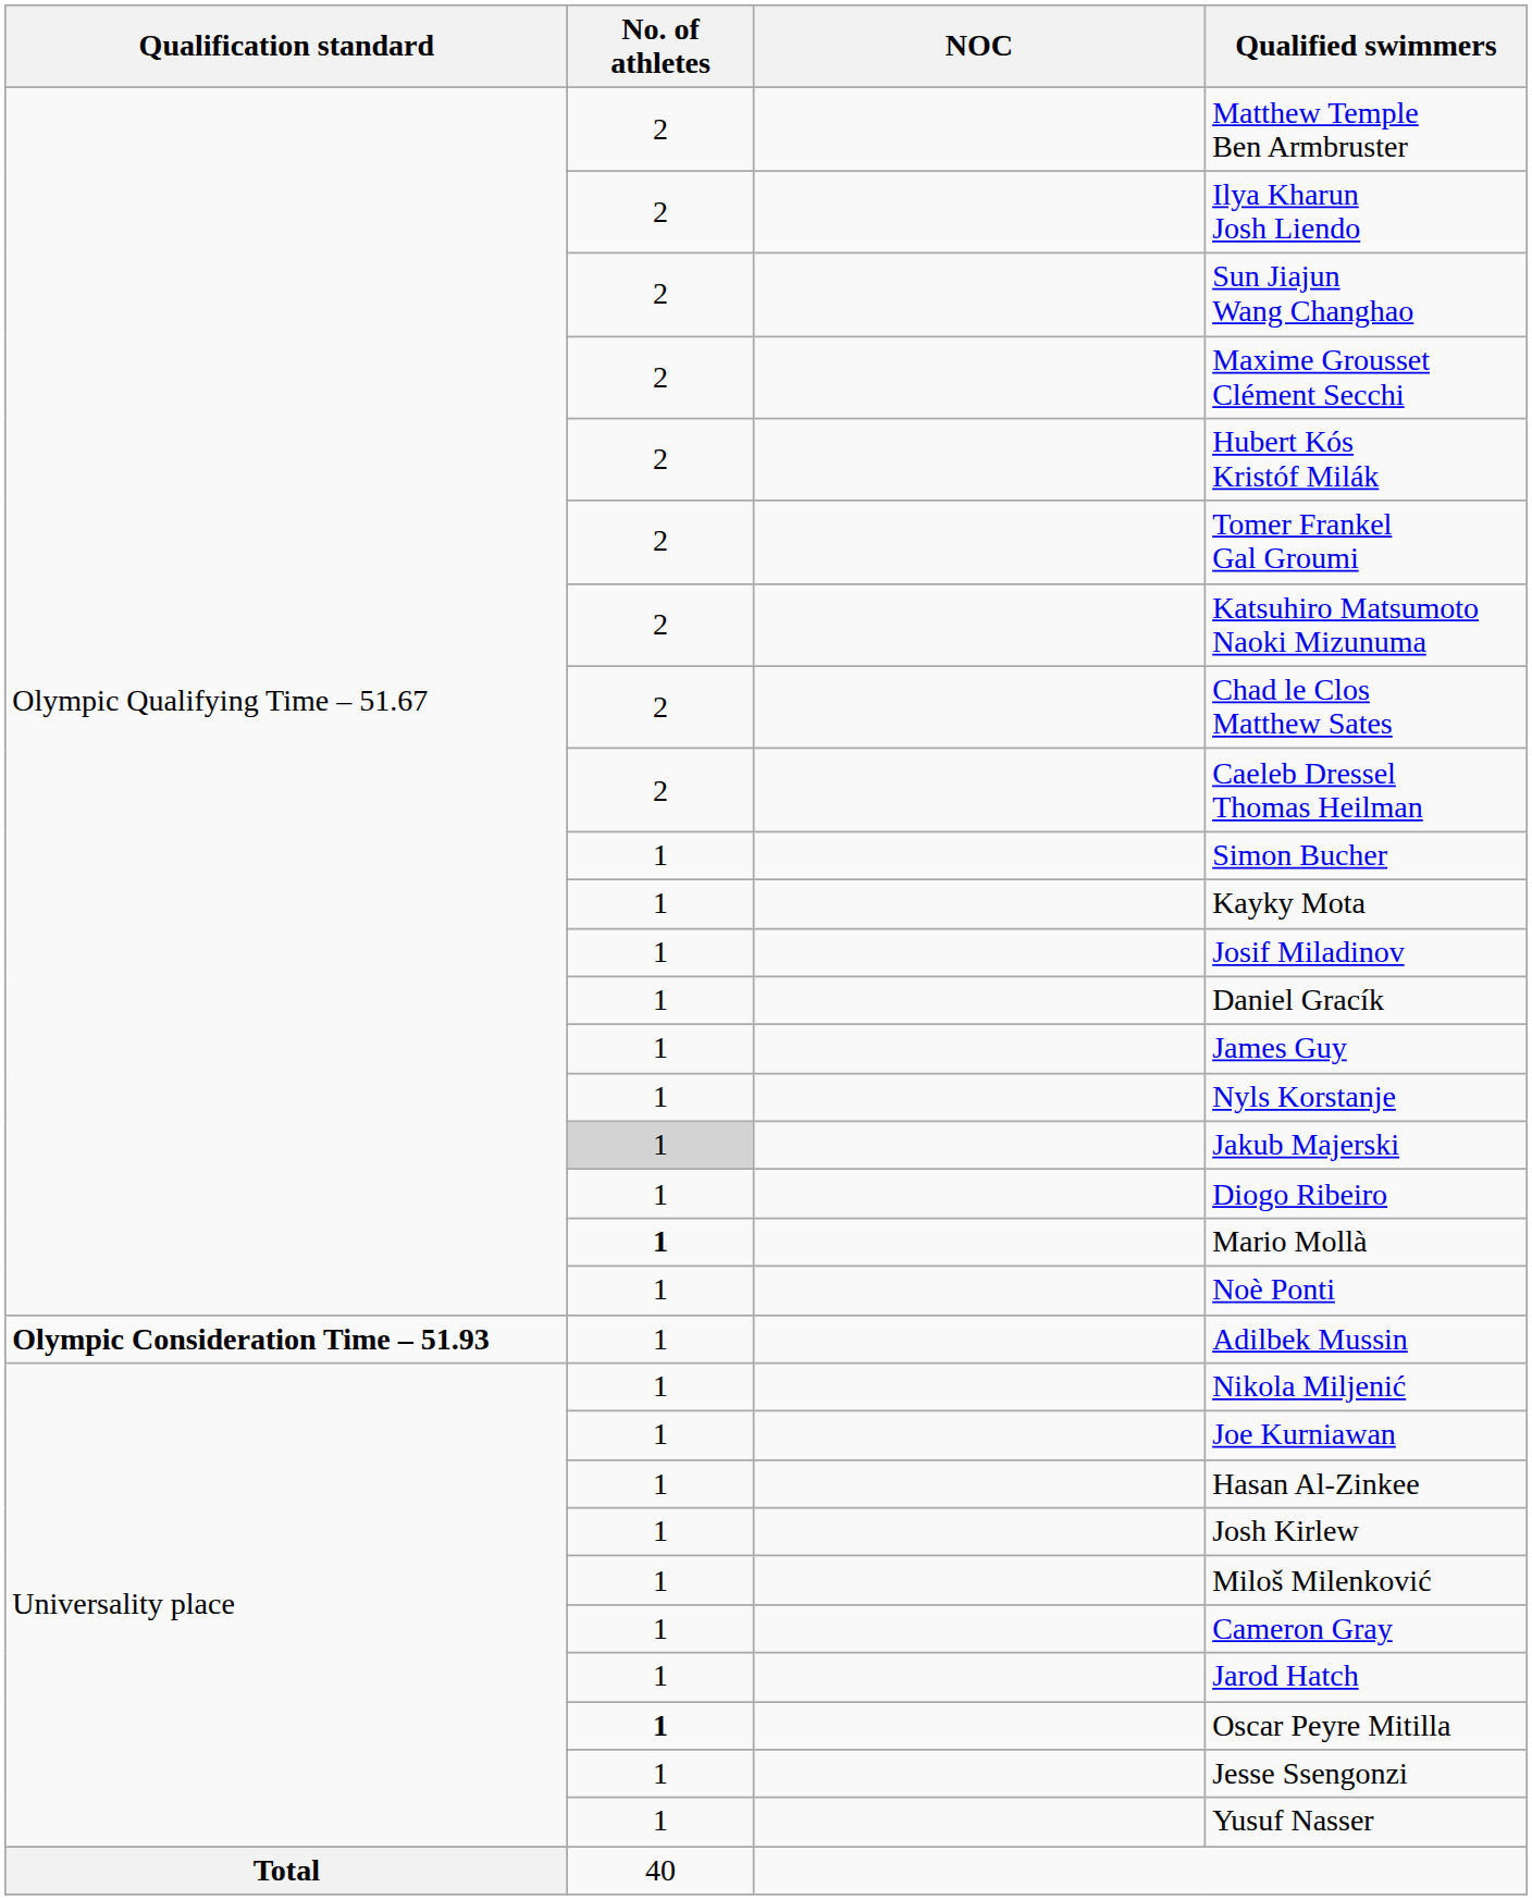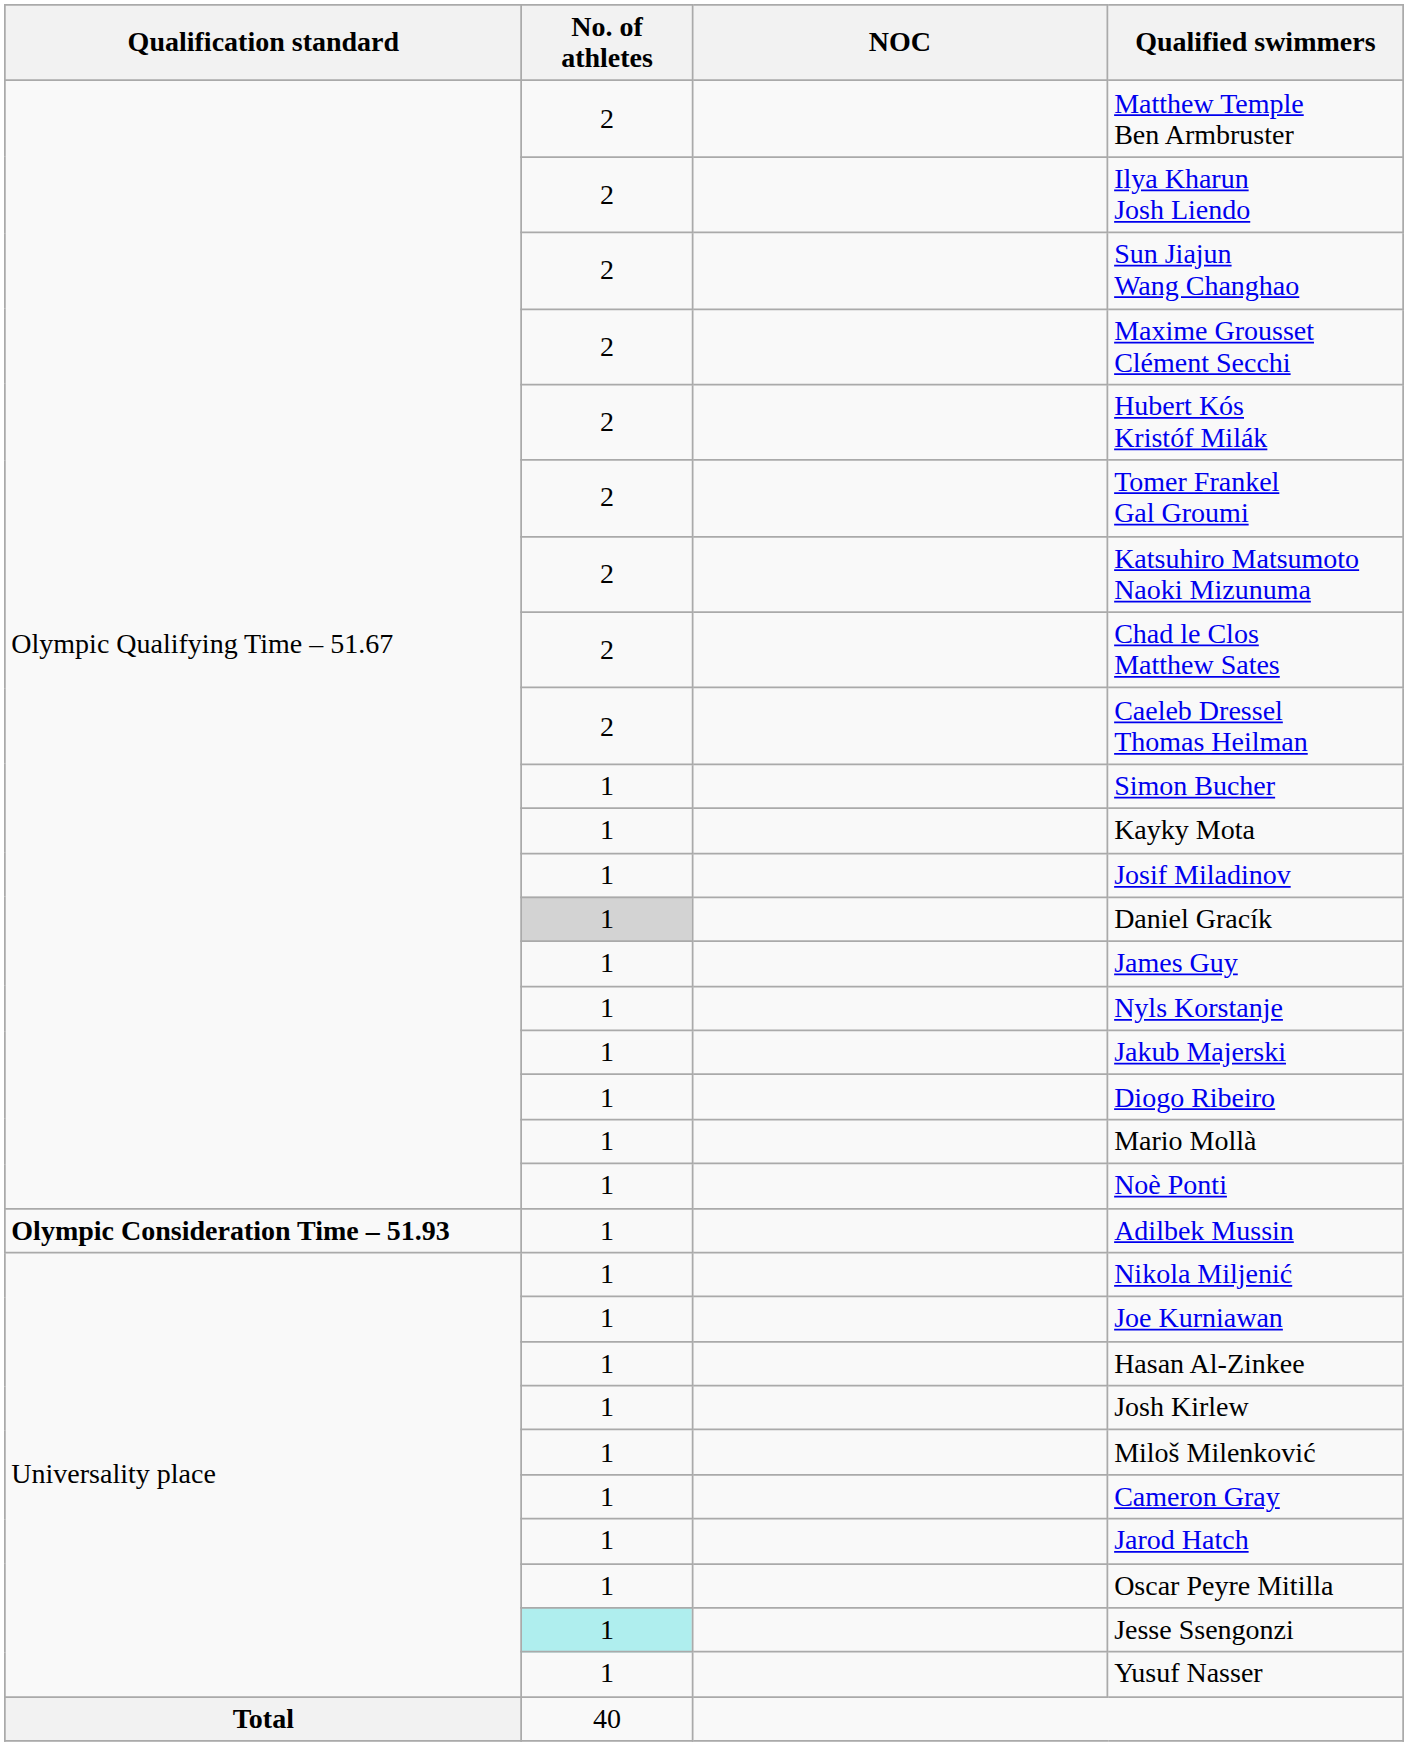 <table class=wikitable style="text-align:left" width=800>
 <tr>
 <th scope="col">Qualification standard</th>
 <th scope="col" width =90>No. of athletes</th>
 <th scope="col" width =230>NOC</th>
 <th scope="col">Qualified swimmers</th>
 </tr>
 <tr>
 <td rowspan=19>Olympic Qualifying Time – 51.67</td>
 <td align=center>2</td>
 <td></td>
 <td><a href='#'>Matthew Temple</a><br>Ben Armbruster</td>
 </tr>
 <tr>
 <td align=center>2</td>
 <td></td>
 <td><a href='#'>Ilya Kharun</a><br><a href='#'>Josh Liendo</a></td>
 </tr>
 <tr>
 <td align=center>2</td>
 <td></td>
 <td><a href='#'>Sun Jiajun</a><br><a href='#'>Wang Changhao</a></td>
 </tr>
 <tr>
 <td align=center>2</td>
 <td></td>
 <td><a href='#'>Maxime Grousset</a><br><a href='#'>Clément Secchi</a></td>
 </tr>
 <tr>
 <td align=center>2</td>
 <td></td>
 <td><a href='#'>Hubert Kós</a><br><a href='#'>Kristóf Milák</a></td>
 </tr>
 <tr>
 <td align=center>2</td>
 <td></td>
 <td><a href='#'>Tomer Frankel</a><br><a href='#'>Gal Groumi</a></td>
 </tr>
 <tr>
 <td align=center>2</td>
 <td></td>
 <td><a href='#'>Katsuhiro Matsumoto</a><br><a href='#'>Naoki Mizunuma</a></td>
 </tr>
 <tr>
 <td align=center>2</td>
 <td></td>
 <td><a href='#'>Chad le Clos</a><br><a href='#'>Matthew Sates</a></td>
 </tr>
 <tr>
 <td align=center>2</td>
 <td></td>
 <td><a href='#'>Caeleb Dressel</a><br><a href='#'>Thomas Heilman</a></td>
 </tr>
 <tr>
 <td align=center>1</td>
 <td></td>
 <td><a href='#'>Simon Bucher</a></td>
 </tr>
 <tr>
 <td align=center>1</td>
 <td></td>
 <td>Kayky Mota</td>
 </tr>
 <tr>
 <td align=center>1</td>
 <td></td>
 <td><a href='#'>Josif Miladinov</a></td>
 </tr>
 <tr>
-<td align=center>1</td>
+<td align=center style="background: lightgrey;">1</td>
 <td></td>
 <td>Daniel Gracík</td>
 </tr>
 <tr>
 <td align=center>1</td>
 <td></td>
 <td><a href='#'>James Guy</a></td>
 </tr>
 <tr>
 <td align=center>1</td>
 <td></td>
 <td><a href='#'>Nyls Korstanje</a></td>
 </tr>
 <tr>
-<td align=center style="background: lightgrey;">1</td>
+<td align=center>1</td>
 <td></td>
 <td><a href='#'>Jakub Majerski</a></td>
 </tr>
 <tr>
 <td align=center>1</td>
 <td></td>
 <td><a href='#'>Diogo Ribeiro</a></td>
 </tr>
 <tr>
-<td align=center><strong>1</strong></td>
+<td align=center>1</td>
 <td></td>
 <td>Mario Mollà</td>
 </tr>
 <tr>
 <td align=center>1</td>
 <td></td>
 <td><a href='#'>Noè Ponti</a></td>
 </tr>
 <tr>
 <td><strong>Olympic Consideration Time – 51.93</strong></td>
 <td align=center>1</td>
 <td></td>
 <td><a href='#'>Adilbek Mussin</a></td>
 </tr>
 <tr>
 <td rowspan=10>Universality place</td>
 <td align=center>1</td>
 <td></td>
 <td><a href='#'>Nikola Miljenić</a></td>
 </tr>
 <tr>
 <td align=center>1</td>
 <td></td>
 <td><a href='#'>Joe Kurniawan</a></td>
 </tr>
 <tr>
 <td align=center>1</td>
 <td></td>
 <td>Hasan Al-Zinkee</td>
 </tr>
 <tr>
 <td align=center>1</td>
 <td></td>
 <td>Josh Kirlew</td>
 </tr>
 <tr>
 <td align=center>1</td>
 <td></td>
 <td>Miloš Milenković</td>
 </tr>
 <tr>
 <td align=center>1</td>
 <td></td>
 <td><a href='#'>Cameron Gray</a></td>
 </tr>
 <tr>
 <td align=center>1</td>
 <td></td>
 <td><a href='#'>Jarod Hatch</a></td>
 </tr>
 <tr>
-<td align=center><strong>1</strong></td>
+<td align=center>1</td>
 <td></td>
 <td>Oscar Peyre Mitilla</td>
 </tr>
 <tr>
-<td align=center>1</td>
+<td align=center style="background: paleturquoise;">1</td>
 <td></td>
 <td>Jesse Ssengonzi</td>
 </tr>
 <tr>
 <td align=center>1</td>
 <td></td>
 <td>Yusuf Nasser</td>
 </tr>
 <tr>
 <th scope="row">Total</th>
 <td align=center>40</td>
 <td colspan=2></td>
 </tr>
 </table>
